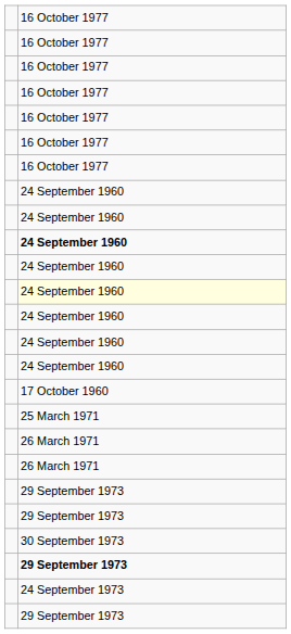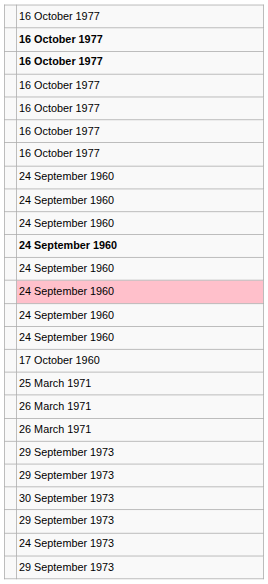 <table class="wikitable" style="font-size: 89%; float: left; width: 24em; margin-right: 1em; line-height: 1.65em">
 <tr>
 <td></td>
 <td>16 October 1977</td>
 </tr>
 <tr>
 <td></td>
-<td>16 October 1977</td>
+<td><strong>16 October 1977</strong></td>
 </tr>
 <tr>
 <td></td>
-<td>16 October 1977</td>
+<td><strong>16 October 1977</strong></td>
 </tr>
 <tr>
 <td></td>
 <td>16 October 1977</td>
 </tr>
 <tr>
 <td></td>
 <td>16 October 1977</td>
 </tr>
 <tr>
 <td></td>
 <td>16 October 1977</td>
 </tr>
 <tr>
 <td></td>
 <td>16 October 1977</td>
 </tr>
 <tr>
 <td></td>
 <td>24 September 1960</td>
 </tr>
 <tr>
 <td></td>
 <td>24 September 1960</td>
 </tr>
 <tr>
 <td></td>
+<td>24 September 1960</td>
+</tr>
+<tr>
+<td></td>
 <td><strong>24 September 1960</strong></td>
 </tr>
 <tr>
 <td></td>
 <td>24 September 1960</td>
 </tr>
 <tr>
 <td></td>
-<td style="background: lightyellow;">24 September 1960</td>
-</tr>
-<tr>
-<td></td>
-<td>24 September 1960</td>
+<td style="background: pink;">24 September 1960</td>
 </tr>
 <tr>
 <td></td>
 <td>24 September 1960</td>
 </tr>
 <tr>
 <td></td>
 <td>24 September 1960</td>
 </tr>
 <tr>
 <td></td>
 <td>17 October 1960</td>
 </tr>
 <tr>
 <td></td>
 <td>25 March 1971</td>
 </tr>
 <tr>
 <td></td>
 <td>26 March 1971</td>
 </tr>
 <tr>
 <td></td>
 <td>26 March 1971</td>
 </tr>
 <tr>
 <td></td>
 <td>29 September 1973</td>
 </tr>
 <tr>
 <td></td>
 <td>29 September 1973</td>
 </tr>
 <tr>
 <td></td>
 <td>30 September 1973</td>
 </tr>
 <tr>
 <td></td>
-<td><strong>29 September 1973</strong></td>
+<td>29 September 1973</td>
 </tr>
 <tr>
 <td></td>
 <td>24 September 1973</td>
 </tr>
 <tr>
 <td></td>
 <td>29 September 1973</td>
 </tr>
 </table>
